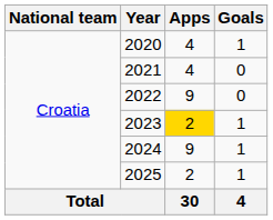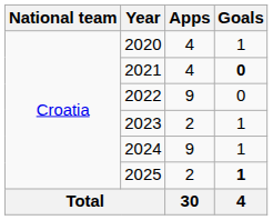 <table class=wikitable style="text-align: center;">
 <tr>
 <th>National team</th>
 <th>Year</th>
 <th>Apps</th>
 <th>Goals</th>
 </tr>
 <tr>
 <td rowspan="6"><a href='#'>Croatia</a></td>
 <td>2020</td>
 <td>4</td>
 <td>1</td>
 </tr>
 <tr>
 <td>2021</td>
 <td>4</td>
-<td>0</td>
+<td><strong>0</strong></td>
 </tr>
 <tr>
 <td>2022</td>
 <td>9</td>
 <td>0</td>
 </tr>
 <tr>
 <td>2023</td>
-<td style="background: gold;">2</td>
+<td>2</td>
 <td>1</td>
 </tr>
 <tr>
 <td>2024</td>
 <td>9</td>
 <td>1</td>
 </tr>
 <tr>
 <td>2025</td>
 <td>2</td>
-<td>1</td>
+<td><strong>1</strong></td>
 </tr>
 <tr>
 <th colspan="2">Total</th>
 <th>30</th>
 <th>4</th>
 </tr>
 </table>
